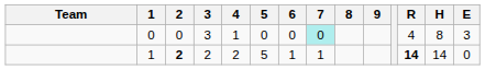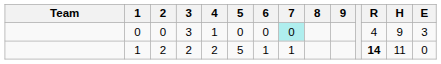 <table border=1 cellspacing=0 width=600 style="margin-left:3em;" class="wikitable">
 <tr style="text-align:center; background-color:#e6e6e6;">
 <th align=left width=28%>Team</th>
 <th width=6%>1</th>
 <th width=6%>2</th>
 <th width=6%>3</th>
 <th width=6%>4</th>
 <th width=6%>5</th>
 <th width=6%>6</th>
 <th width=6%>7</th>
 <th width=6%>8</th>
 <th width=6%>9</th>
 <th rowspan="3" width=0.5%></th>
 <th width=6%>R</th>
 <th width=6%>H</th>
 <th width=6%>E</th>
 </tr>
 <tr style="text-align:center;">
 <td align=left></td>
 <td>0</td>
 <td>0</td>
 <td>3</td>
 <td>1</td>
 <td>0</td>
 <td>0</td>
 <td style="background: paleturquoise;">0</td>
 <td></td>
 <td></td>
 <td>4</td>
-<td>8</td>
+<td>9</td>
 <td>3</td>
 </tr>
 <tr style="text-align:center;">
 <td align=left></td>
 <td>1</td>
-<td><strong>2</strong></td>
+<td>2</td>
 <td>2</td>
 <td>2</td>
 <td>5</td>
 <td>1</td>
 <td>1</td>
 <td></td>
 <td></td>
 <td><strong>14</strong></td>
-<td>14</td>
+<td>11</td>
 <td>0</td>
 </tr>
 </table>
